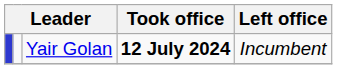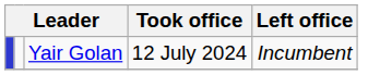 <table class="wikitable" style="text-align: center;">
 <tr>
 <th colspan="3">Leader</th>
 <th>Took office</th>
 <th>Left office</th>
 </tr>
 <tr>
 <td style="background: #2D38CF; color: white"></td>
 <td></td>
 <td><a href='#'>Yair Golan</a></td>
-<td><strong>12 July 2024</strong></td>
+<td>12 July 2024</td>
 <td><em>Incumbent</em></td>
 </tr>
 <tr>
 </tr>
 </table>
